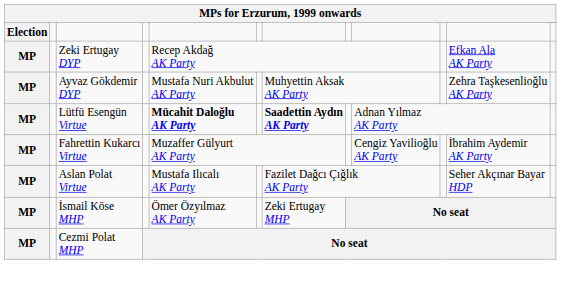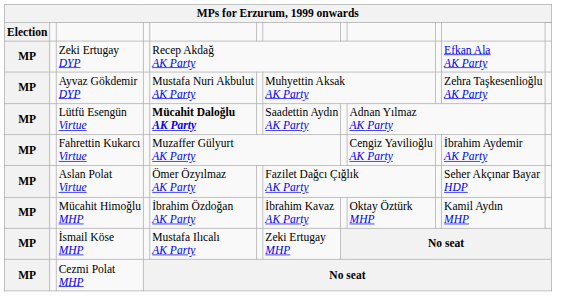 <table class="wikitable">
 <tr>
 <th colspan = 12>MPs for Erzurum, 1999 onwards</th>
 </tr>
 <tr>
 <th rowspan = 2>Election</th>
 <td rowspan="2" style="width:1px;"></td>
 <td rowspan = 2></td>
 <td rowspan="2" style="width:1px;"></td>
 <td rowspan = 2></td>
 <td rowspan="2" style="width:1px;"></td>
 <td rowspan = 2></td>
 <td rowspan="2" style="width:1px;"></td>
 <td rowspan = 2></td>
 <td rowspan="2" style="width:1px;"></td>
 <td rowspan = 2></td>
 </tr>
 <tr>
 <td></td>
 </tr>
 <tr>
 <th>MP</th>
 <td width=1px style="background-color: "></td>
 <td colspan = 1>Zeki Ertugay<br><em><a href='#'>DYP</a></em></td>
 <td width=1px style="background-color: "></td>
 <td colspan = 5>Recep Akdağ<br><em><a href='#'>AK Party</a></em></td>
 <td width=1px style="background-color: "></td>
 <td colspan = 1><a href='#'>Efkan Ala</a><br><em><a href='#'>AK Party</a></em></td>
 <td width=1px style="background-color: "></td>
 </tr>
 <tr>
 <th>MP</th>
 <td width=1px style="background-color: "></td>
 <td colspan = 1>Ayvaz Gökdemir<br><em><a href='#'>DYP</a></em></td>
 <td width=1px style="background-color: "></td>
 <td colspan = 1>Mustafa Nuri Akbulut<br><em><a href='#'>AK Party</a></em></td>
 <td width=1px style="background-color: "></td>
 <td colspan = 3>Muhyettin Aksak<br><em><a href='#'>AK Party</a></em></td>
 <td width=1px style="background-color: "></td>
 <td colspan = 1>Zehra Taşkesenlioğlu<br><em><a href='#'>AK Party</a></em></td>
 <td width=1px style="background-color: "></td>
 </tr>
 <tr>
 <th>MP</th>
 <td width=1px style="background-color: "></td>
 <td colspan = 1>Lütfü Esengün<br><em><a href='#'>Virtue</a></em></td>
 <td width=1px style="background-color: "></td>
 <td colspan = 1><strong>Mücahit Daloğlu<br><em><a href='#'>AK Party</a></em></strong></td>
 <td width=1px style="background-color: "></td>
-<td colspan = 1><strong>Saadettin Aydın<br><em><a href='#'>AK Party</a></em></strong></td>
+<td colspan = 1>Saadettin Aydın<br><em><a href='#'>AK Party</a></em></td>
 <td width=1px style="background-color: "></td>
 <td colspan = 3>Adnan Yılmaz<br><em><a href='#'>AK Party</a></em></td>
 <td width=1px style="background-color: "></td>
 </tr>
 <tr>
 <th>MP</th>
 <td width=1px style="background-color: "></td>
 <td colspan = 1>Fahrettin Kukarcı<br><em><a href='#'>Virtue</a></em></td>
 <td width=1px style="background-color: "></td>
 <td colspan = 3>Muzaffer Gülyurt<br><em><a href='#'>AK Party</a></em></td>
 <td width=1px style="background-color: "></td>
 <td colspan = 1>Cengiz Yavilioğlu<br><em><a href='#'>AK Party</a></em></td>
 <td width=1px style="background-color: "></td>
 <td colspan = 1>İbrahim Aydemir<br><em><a href='#'>AK Party</a></em></td>
 <td width=1px style="background-color: "></td>
 </tr>
 <tr>
 <th>MP</th>
 <td width=1px style="background-color: "></td>
 <td colspan = 1>Aslan Polat<br><em><a href='#'>Virtue</a></em></td>
 <td width=1px style="background-color: "></td>
-<td colspan = 1>Mustafa Ilıcalı<br><em><a href='#'>AK Party</a></em></td>
+<td colspan = 1>Ömer Özyılmaz<br><em><a href='#'>AK Party</a></em></td>
 <td width=1px style="background-color: "></td>
 <td colspan = 3>Fazilet Dağcı Çığlık<br><em><a href='#'>AK Party</a></em></td>
 <td width=1px style="background-color: "></td>
 <td colspan = 1>Seher Akçınar Bayar<br><em><a href='#'>HDP</a></em></td>
 <td width=1px style="background-color: "></td>
 </tr>
 <tr>
 <th>MP</th>
 <td width=1px style="background-color: "></td>
+<td colspan = 1>Mücahit Himoğlu<br><em><a href='#'>MHP</a></em></td>
+<td width=1px style="background-color: "></td>
+<td colspan = 1>İbrahim Özdoğan<br><em><a href='#'>AK Party</a></em></td>
+<td width=1px style="background-color: "></td>
+<td colspan = 1>İbrahim Kavaz<br><em><a href='#'>AK Party</a></em></td>
+<td width=1px style="background-color: "></td>
+<td colspan = 1>Oktay Öztürk<br><em><a href='#'>MHP</a></em></td>
+<td width=1px style="background-color: "></td>
+<td colspan = 1>Kamil Aydın<br><em><a href='#'>MHP</a></em></td>
+<td width=1px style="background-color: "></td>
+</tr>
+<tr>
+<th>MP</th>
+<td width=1px style="background-color: "></td>
 <td colspan = 1>İsmail Köse<br><em><a href='#'>MHP</a></em></td>
 <td width=1px style="background-color: "></td>
-<td colspan = 1>Ömer Özyılmaz<br><em><a href='#'>AK Party</a></em></td>
+<td colspan = 1>Mustafa Ilıcalı<br><em><a href='#'>AK Party</a></em></td>
 <td width=1px style="background-color: "></td>
 <td colspan = 1>Zeki Ertugay<br><em><a href='#'>MHP</a></em></td>
 <th colspan = 5>No seat</th>
 </tr>
 <tr>
 <th>MP</th>
 <td width=1px style="background-color: "></td>
 <td colspan = 1>Cezmi Polat<br><em><a href='#'>MHP</a></em></td>
 <th colspan = 9>No seat</th>
 </tr>
 </table>
